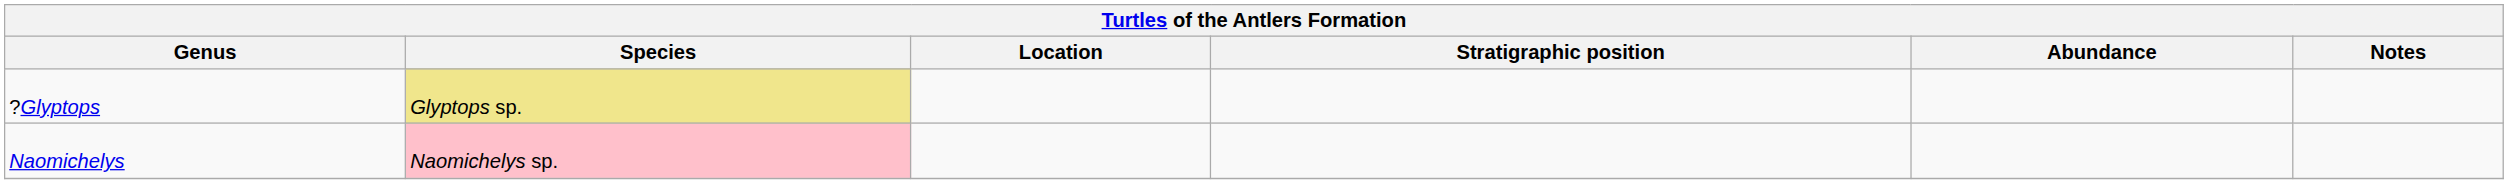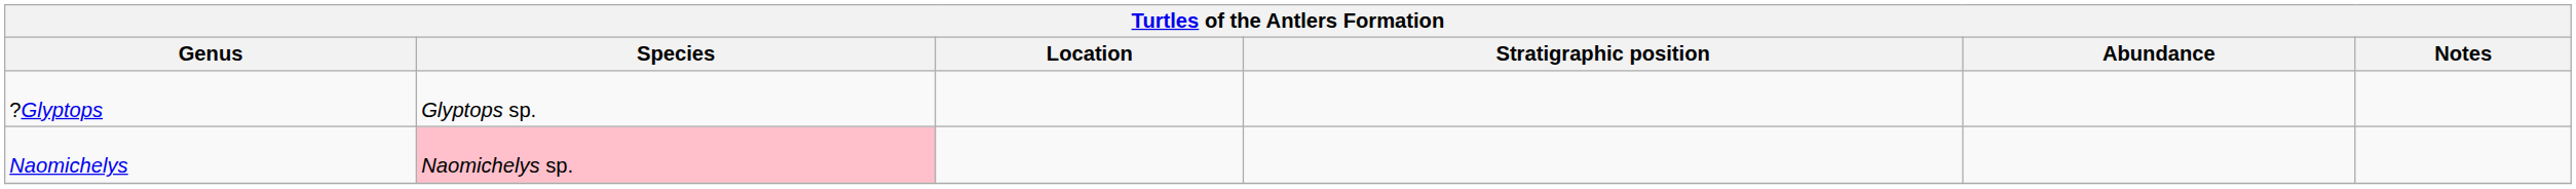 <table class="wikitable" align="center" width="100%">
 <tr>
 <th colspan="7" align="center"><strong><a href='#'>Turtles</a> of the Antlers Formation</strong></th>
 </tr>
 <tr>
 <th>Genus</th>
 <th>Species</th>
 <th>Location</th>
 <th>Stratigraphic position</th>
 <th>Abundance</th>
 <th>Notes<br></th>
 </tr>
 <tr>
 <td><br>?<em><a href='#'>Glyptops</a></em></td>
-<td style="background: khaki;"><br><em>Glyptops</em> sp.</td>
+<td><br><em>Glyptops</em> sp.</td>
 <td></td>
 <td></td>
 <td></td>
 <td><br></td>
 </tr>
 <tr>
 <td><br><em><a href='#'>Naomichelys</a></em></td>
 <td style="background: pink;"><br><em>Naomichelys</em> sp.</td>
 <td></td>
 <td></td>
 <td></td>
 <td></td>
 </tr>
 <tr>
 </tr>
 </table>
